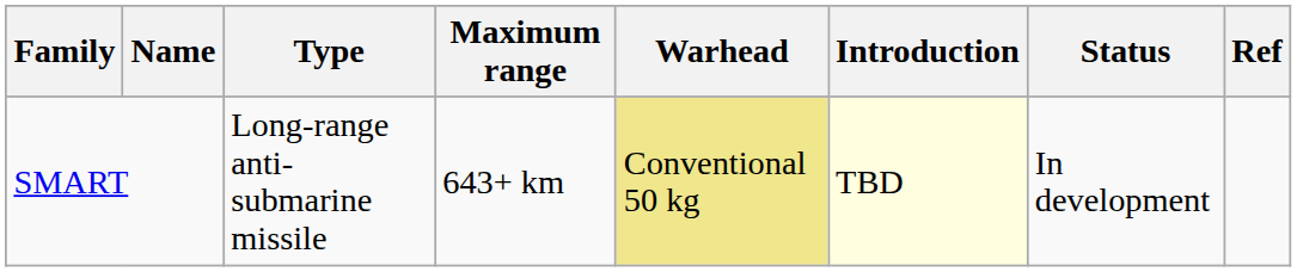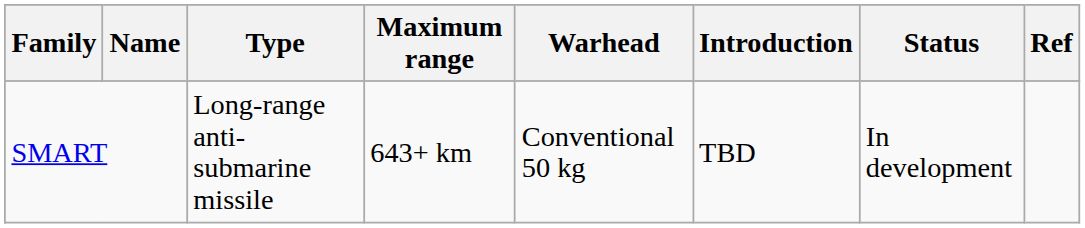 <table class="wikitable sortable" style="text-align:centre">
 <tr>
 <th>Family</th>
 <th>Name</th>
 <th>Type</th>
 <th>Maximum range</th>
 <th>Warhead</th>
 <th>Introduction</th>
 <th>Status</th>
 <th>Ref</th>
 </tr>
 <tr>
 <td colspan="2"><a href='#'>SMART</a></td>
 <td>Long-range anti-submarine missile</td>
 <td>643+ km</td>
-<td style="background: khaki;">Conventional 50 kg</td>
-<td style="background: lightyellow;">TBD</td>
+<td>Conventional 50 kg</td>
+<td>TBD</td>
 <td>In development</td>
 <td></td>
 </tr>
 </table>
